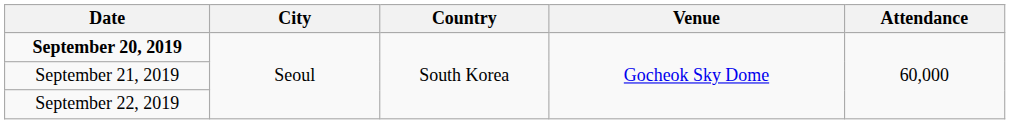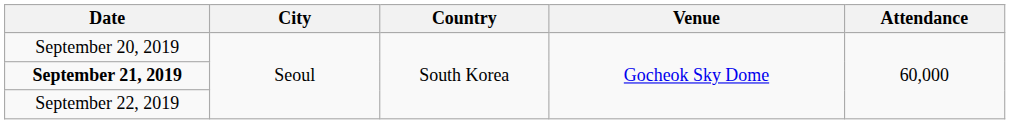 <table class="wikitable" style="text-align:center">
 <tr>
 <th scope="col" style="width:11em;">Date</th>
 <th scope="col" style="width:9em;">City</th>
 <th scope="col" style="width:9em;">Country</th>
 <th scope="col" style="width:16em;">Venue</th>
 <th scope="col" style="width:8.5em;">Attendance</th>
 </tr>
 <tr>
-<td><strong>September 20, 2019</strong></td>
+<td>September 20, 2019</td>
 <td rowspan="3">Seoul</td>
 <td rowspan="3">South Korea</td>
 <td rowspan="3"><a href='#'>Gocheok Sky Dome</a></td>
 <td rowspan="3">60,000</td>
 </tr>
 <tr>
-<td>September 21, 2019</td>
+<td><strong>September 21, 2019</strong></td>
 </tr>
 <tr>
 <td>September 22, 2019</td>
 </tr>
 </table>
